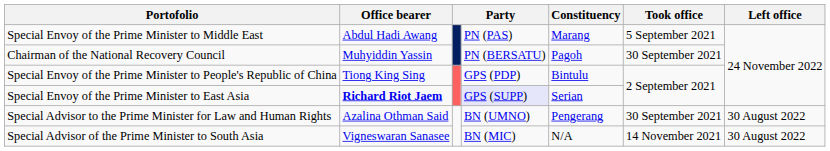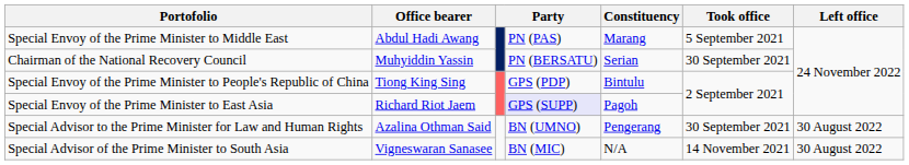 <table class="sortable wikitable" style="font-size:95%;">
 <tr>
 <th>Portofolio</th>
 <th>Office bearer</th>
 <th colspan="2">Party</th>
 <th>Constituency</th>
 <th>Took office</th>
 <th>Left office</th>
 </tr>
 <tr>
 <td>Special Envoy of the Prime Minister to Middle East</td>
 <td><a href='#'>Abdul Hadi Awang</a></td>
 <td rowspan="2" bgcolor="#031e61"> </td>
 <td><a href='#'>PN</a> (<a href='#'>PAS</a>)</td>
 <td><a href='#'>Marang</a></td>
 <td>5 September 2021</td>
 <td rowspan="4">24 November 2022</td>
 </tr>
 <tr>
 <td>Chairman of the National Recovery Council</td>
 <td><a href='#'>Muhyiddin Yassin</a></td>
 <td><a href='#'>PN</a> (<a href='#'>BERSATU</a>)</td>
-<td><a href='#'>Pagoh</a></td>
+<td><a href='#'>Serian</a></td>
 <td>30 September 2021</td>
 </tr>
 <tr>
 <td>Special Envoy of the Prime Minister to People's Republic of China</td>
 <td><a href='#'>Tiong King Sing</a></td>
 <td rowspan="2" bgcolor="#FF6060"> </td>
 <td><a href='#'>GPS</a> (<a href='#'>PDP</a>)</td>
 <td><a href='#'>Bintulu</a></td>
 <td rowspan="2">2 September 2021</td>
 </tr>
 <tr>
 <td>Special Envoy of the Prime Minister to East Asia</td>
-<td><strong><a href='#'>Richard Riot Jaem</a></strong></td>
+<td><a href='#'>Richard Riot Jaem</a></td>
 <td style="background: lavender;"><a href='#'>GPS</a> (<a href='#'>SUPP</a>)</td>
-<td><a href='#'>Serian</a></td>
+<td><a href='#'>Pagoh</a></td>
 </tr>
 <tr>
 <td>Special Advisor to the Prime Minister for Law and Human Rights</td>
 <td><a href='#'>Azalina Othman Said</a></td>
 <td rowspan="2"></td>
 <td><a href='#'>BN</a> (<a href='#'>UMNO</a>)</td>
 <td><a href='#'>Pengerang</a></td>
 <td>30 September 2021</td>
 <td>30 August 2022</td>
 </tr>
 <tr>
 <td>Special Advisor of the Prime Minister to South Asia</td>
 <td><a href='#'>Vigneswaran Sanasee</a></td>
 <td><a href='#'>BN</a> (<a href='#'>MIC</a>)</td>
 <td>N/A</td>
 <td>14 November 2021</td>
 <td>30 August 2022</td>
 </tr>
 </table>
